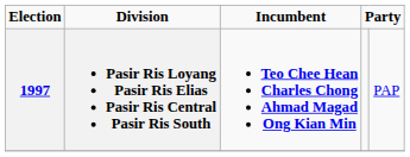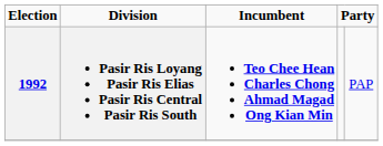 <table class="wikitable" align="center" style="text-align:center">
 <tr>
 <td><strong>Election </strong></td>
 <td><strong>Division </strong></td>
 <td><strong>Incumbent</strong></td>
 <td colspan="2"><strong>Party</strong></td>
 </tr>
 <tr>
-<th><a href='#'>1997</a></th>
+<th><a href='#'>1992</a></th>
 <th><br><ul><li>Pasir Ris Loyang</li><li>Pasir Ris Elias</li><li>Pasir Ris Central</li><li>Pasir Ris South</li></ul></th>
 <td><strong><br><ul><li><a href='#'>Teo Chee Hean</a></li><li><a href='#'>Charles Chong</a></li><li><a href='#'>Ahmad Magad</a></li><li><a href='#'>Ong Kian Min</a></li></ul></strong></td>
 <td bgcolor=></td>
 <td><a href='#'>PAP</a></td>
 </tr>
 <tr>
 </tr>
 </table>
